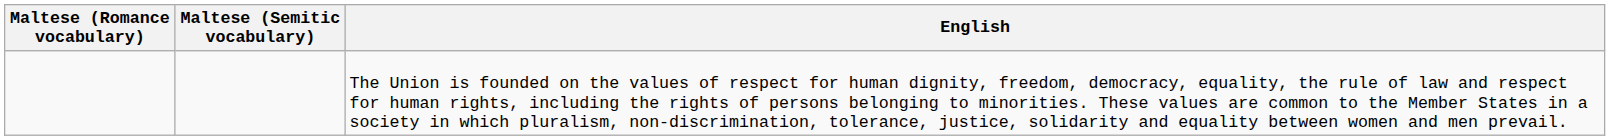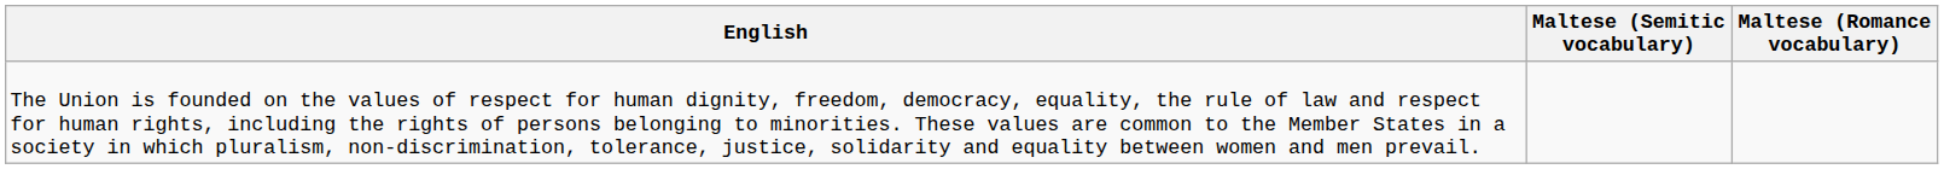 <table class="wikitable">
 <tr>
+<th>English</th>
+<th>Maltese (Semitic vocabulary)</th>
 <th>Maltese (Romance vocabulary)</th>
-<th>Maltese (Semitic vocabulary)</th>
-<th>English</th>
 </tr>
 <tr>
+<td><br>The Union is founded on the values of respect for human dignity, freedom, democracy, equality, the rule of law and respect for human rights, including the rights of persons belonging to minorities. These values are common to the Member States in a society in which pluralism, non-discrimination, tolerance, justice, solidarity and equality between women and men prevail.</td>
+<td></td>
 <td><br></td>
-<td></td>
-<td><br>The Union is founded on the values of respect for human dignity, freedom, democracy, equality, the rule of law and respect for human rights, including the rights of persons belonging to minorities. These values are common to the Member States in a society in which pluralism, non-discrimination, tolerance, justice, solidarity and equality between women and men prevail.</td>
 </tr>
 </table>
